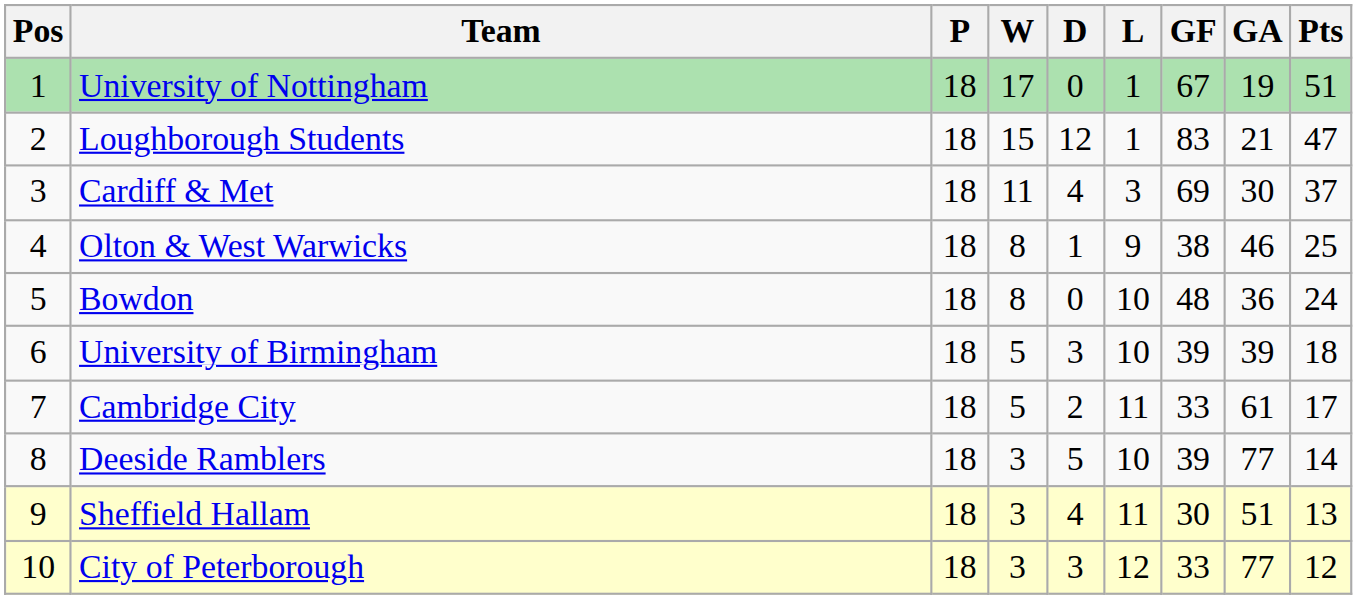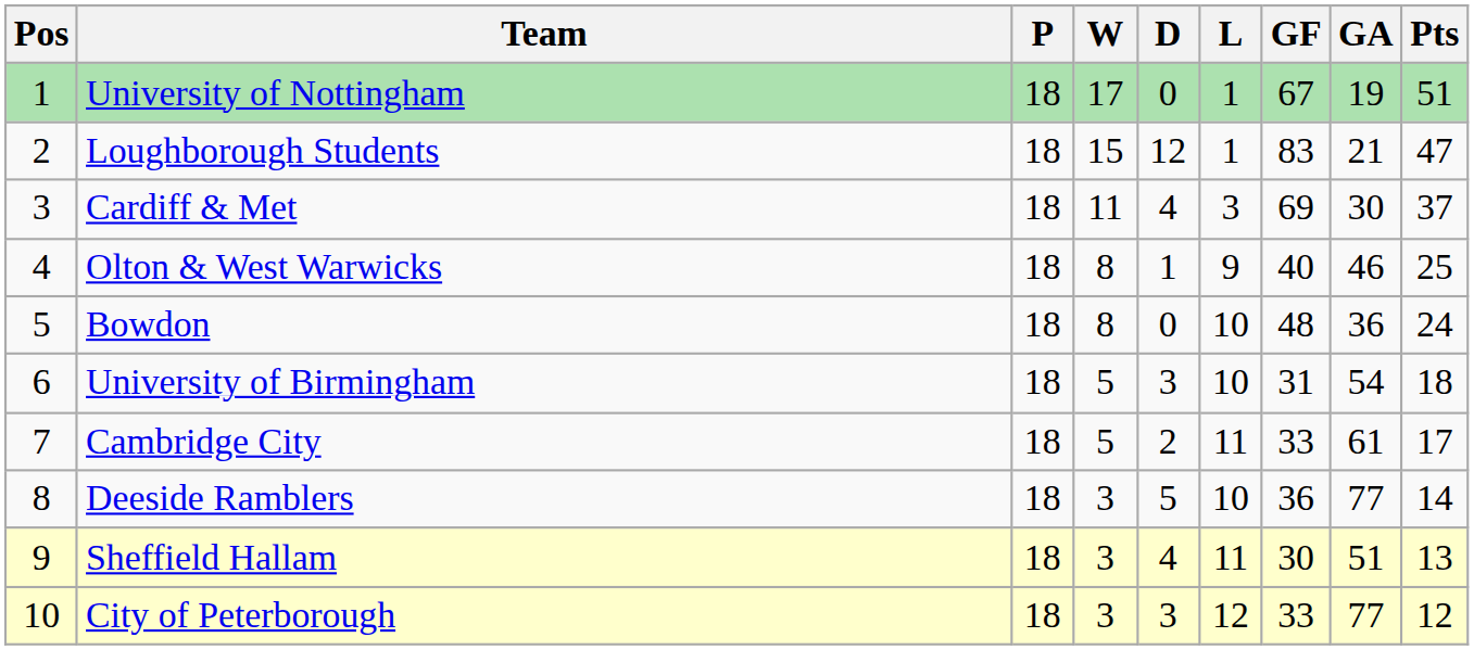 <table class="wikitable" style="font-size: 100%">
 <tr>
 <th width=20>Pos</th>
 <th width=400>Team</th>
 <th width=20>P</th>
 <th width=20>W</th>
 <th width=20>D</th>
 <th width=20>L</th>
 <th width=20>GF</th>
 <th width=20>GA</th>
 <th width=20>Pts</th>
 </tr>
 <tr align=center style="background:#ACE1AF;">
 <td>1</td>
 <td align="left"><a href='#'>University of Nottingham</a></td>
 <td>18</td>
 <td>17</td>
 <td>0</td>
 <td>1</td>
 <td>67</td>
 <td>19</td>
 <td>51</td>
 </tr>
 <tr align=center>
 <td>2</td>
 <td align="left"><a href='#'>Loughborough Students</a></td>
 <td>18</td>
 <td>15</td>
 <td>12</td>
 <td>1</td>
 <td>83</td>
 <td>21</td>
 <td>47</td>
 </tr>
 <tr align=center>
 <td>3</td>
 <td align="left"><a href='#'>Cardiff & Met</a></td>
 <td>18</td>
 <td>11</td>
 <td>4</td>
 <td>3</td>
 <td>69</td>
 <td>30</td>
 <td>37</td>
 </tr>
 <tr align=center>
 <td>4</td>
 <td align="left"><a href='#'>Olton & West Warwicks</a></td>
 <td>18</td>
 <td>8</td>
 <td>1</td>
 <td>9</td>
-<td>38</td>
+<td>40</td>
 <td>46</td>
 <td>25</td>
 </tr>
 <tr align=center>
 <td>5</td>
 <td align="left"><a href='#'>Bowdon</a></td>
 <td>18</td>
 <td>8</td>
 <td>0</td>
 <td>10</td>
 <td>48</td>
 <td>36</td>
 <td>24</td>
 </tr>
 <tr align=center>
 <td>6</td>
 <td align="left"><a href='#'>University of Birmingham</a></td>
 <td>18</td>
 <td>5</td>
 <td>3</td>
 <td>10</td>
-<td>39</td>
-<td>39</td>
+<td>31</td>
+<td>54</td>
 <td>18</td>
 </tr>
 <tr align=center>
 <td>7</td>
 <td align="left"><a href='#'>Cambridge City</a></td>
 <td>18</td>
 <td>5</td>
 <td>2</td>
 <td>11</td>
 <td>33</td>
 <td>61</td>
 <td>17</td>
 </tr>
 <tr align=center>
 <td>8</td>
 <td align="left"><a href='#'>Deeside Ramblers</a></td>
 <td>18</td>
 <td>3</td>
 <td>5</td>
 <td>10</td>
-<td>39</td>
+<td>36</td>
 <td>77</td>
 <td>14</td>
 </tr>
 <tr align=center style="background: #ffffcc;">
 <td>9</td>
 <td align="left"><a href='#'>Sheffield Hallam</a></td>
 <td>18</td>
 <td>3</td>
 <td>4</td>
 <td>11</td>
 <td>30</td>
 <td>51</td>
 <td>13</td>
 </tr>
 <tr align=center style="background: #ffffcc;">
 <td>10</td>
 <td align="left"><a href='#'>City of Peterborough</a></td>
 <td>18</td>
 <td>3</td>
 <td>3</td>
 <td>12</td>
 <td>33</td>
 <td>77</td>
 <td>12</td>
 </tr>
 </table>
